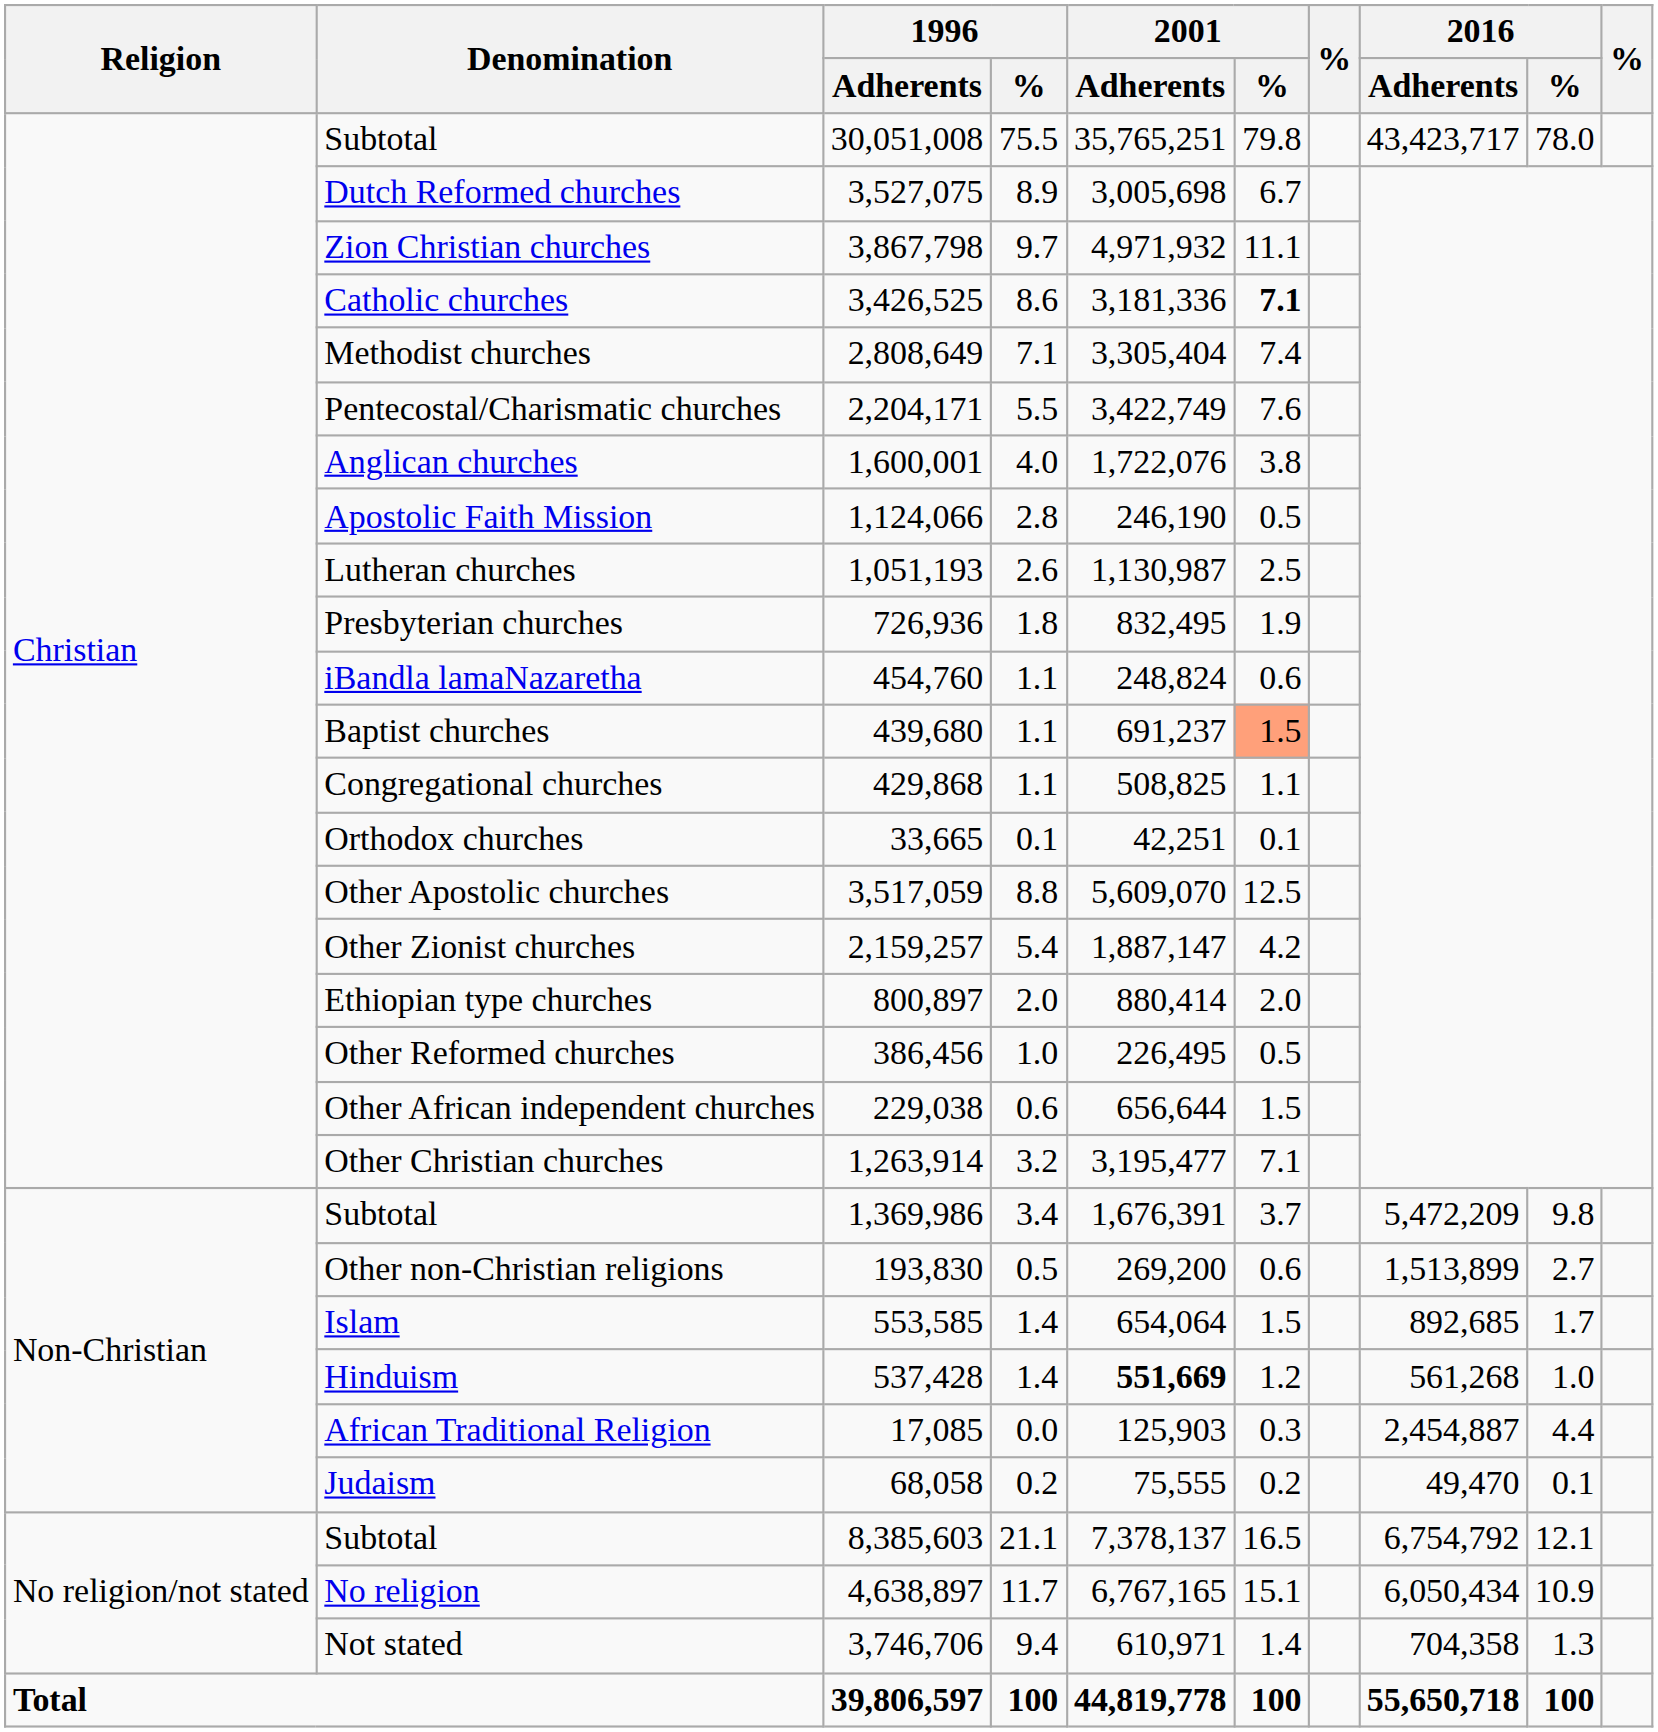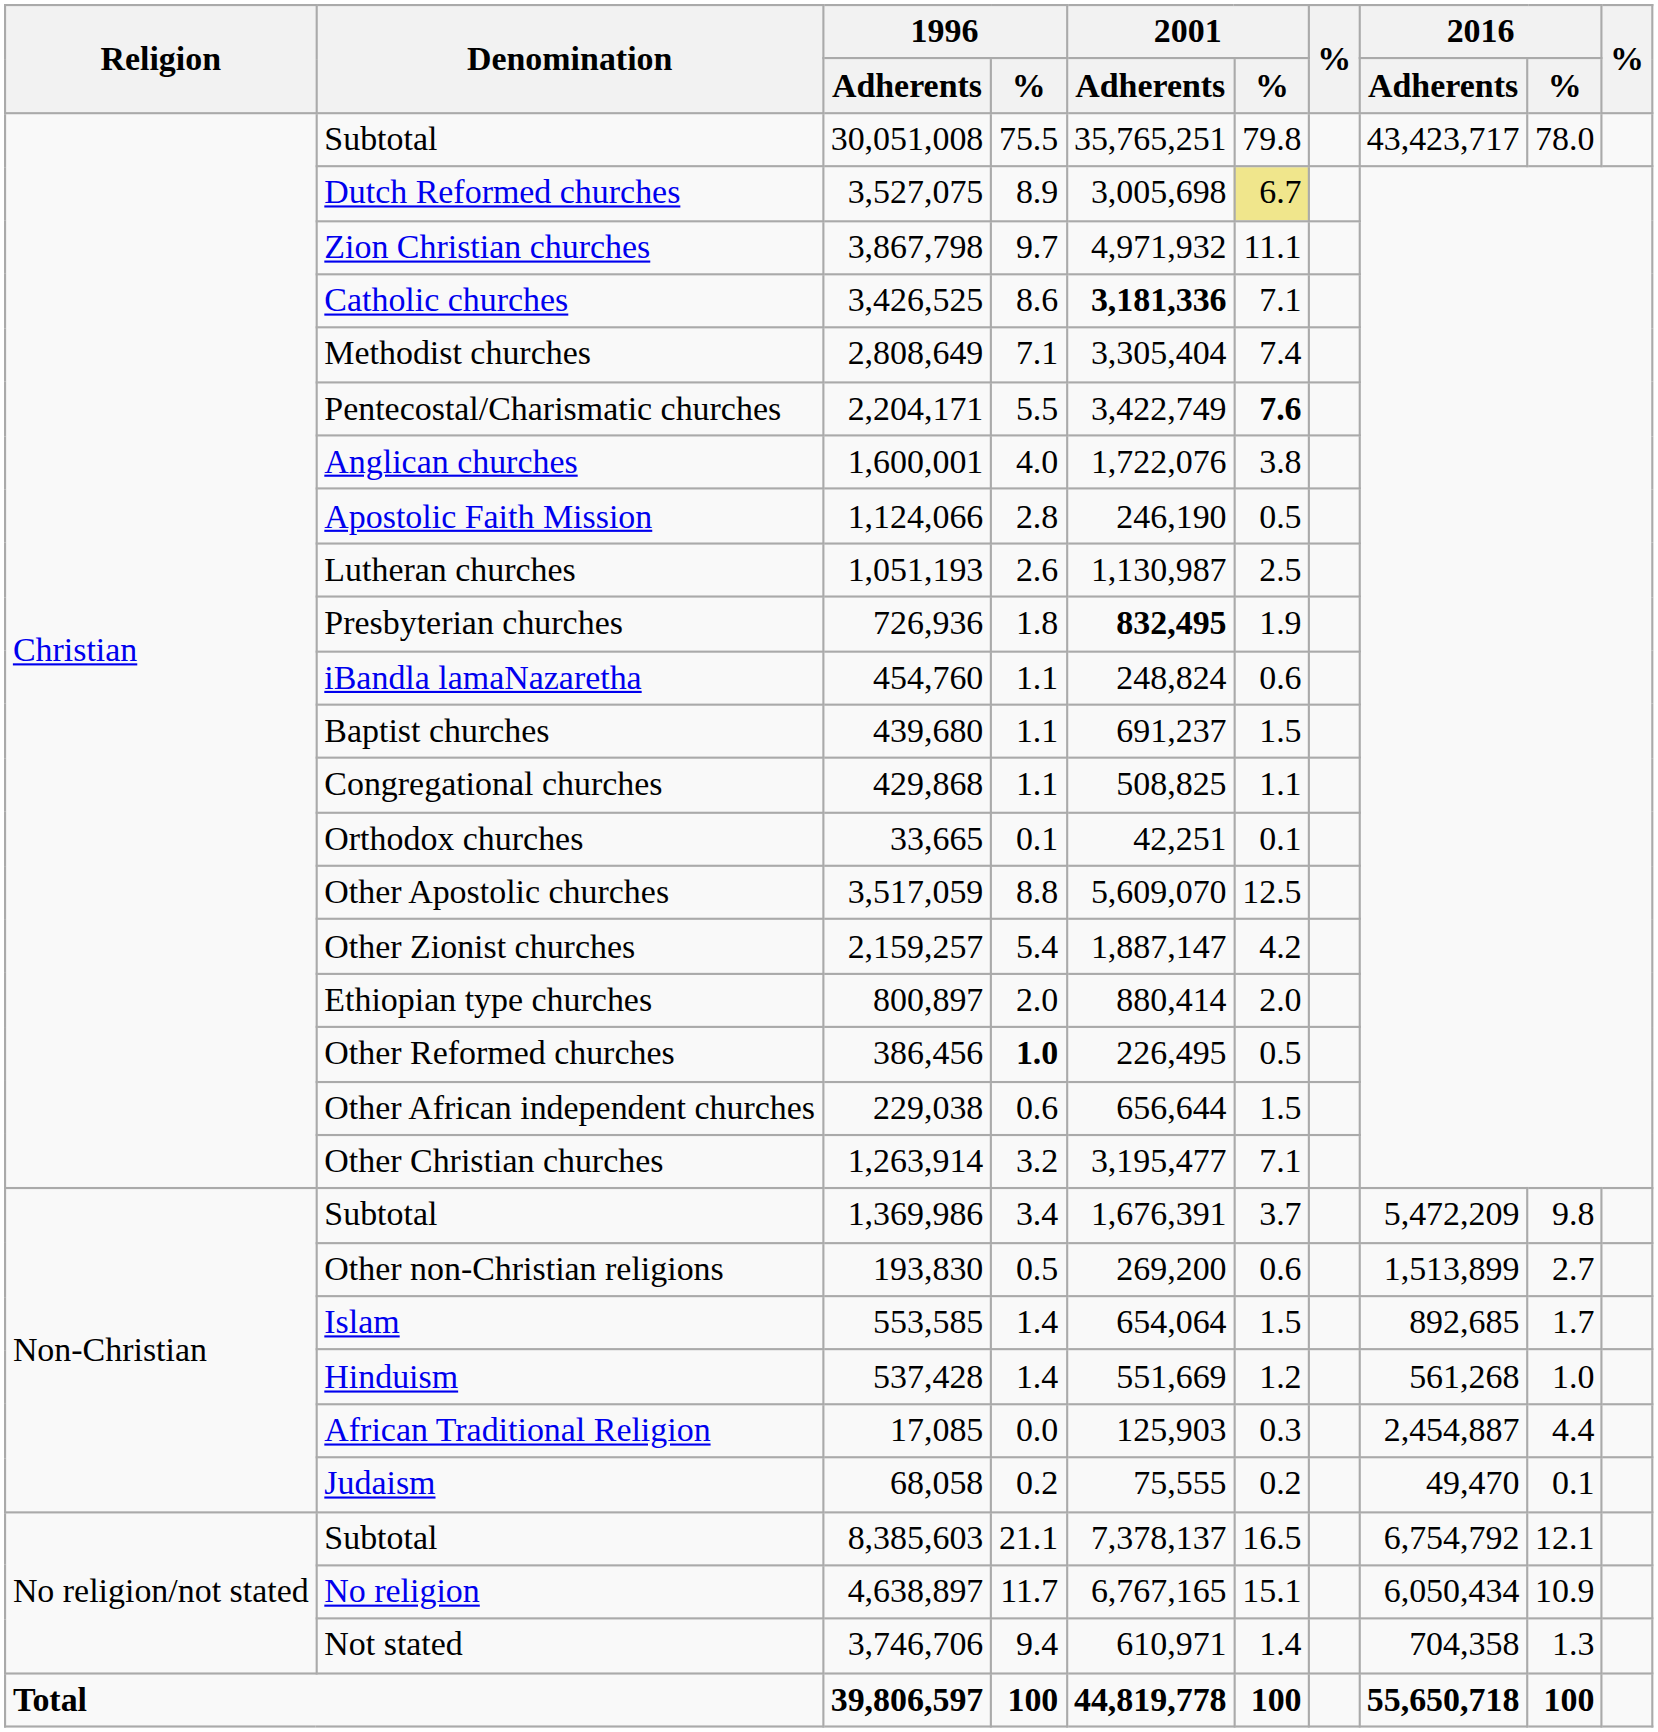 <table class="wikitable sortable">
 <tr>
 <th rowspan="2">Religion</th>
 <th rowspan="2">Denomination</th>
 <th colspan="2">1996</th>
 <th colspan="2">2001</th>
 <th rowspan="2">%</th>
 <th colspan="2">2016</th>
 <th rowspan="2">%</th>
 </tr>
 <tr>
 <th>Adherents</th>
 <th>%</th>
 <th>Adherents</th>
 <th>%</th>
 <th>Adherents</th>
 <th>%</th>
 </tr>
 <tr>
 <td rowspan="20" data-sort-value="Christian0"><a href='#'>Christian</a></td>
 <td>Subtotal</td>
 <td align="right">30,051,008</td>
 <td align="right">75.5</td>
 <td align="right">35,765,251</td>
 <td align="right">79.8</td>
 <td></td>
 <td align="right">43,423,717</td>
 <td align="right">78.0</td>
 <td></td>
 </tr>
 <tr>
 <td><a href='#'>Dutch Reformed churches</a></td>
 <td align="right">3,527,075</td>
 <td align="right">8.9</td>
 <td align="right">3,005,698</td>
-<td align="right">6.7</td>
+<td align="right" style="background: khaki;">6.7</td>
 <td></td>
 </tr>
 <tr>
 <td><a href='#'>Zion Christian churches</a></td>
 <td align="right">3,867,798</td>
 <td align="right">9.7</td>
 <td align="right">4,971,932</td>
 <td align="right">11.1</td>
 <td></td>
 </tr>
 <tr>
 <td><a href='#'>Catholic churches</a></td>
 <td align="right">3,426,525</td>
 <td align="right">8.6</td>
-<td align="right">3,181,336</td>
-<td align="right"><strong>7.1</strong></td>
+<td align="right"><strong>3,181,336</strong></td>
+<td align="right">7.1</td>
 <td></td>
 </tr>
 <tr>
 <td>Methodist churches</td>
 <td align="right">2,808,649</td>
 <td align="right">7.1</td>
 <td align="right">3,305,404</td>
 <td align="right">7.4</td>
 <td></td>
 </tr>
 <tr>
 <td>Pentecostal/Charismatic churches</td>
 <td align="right">2,204,171</td>
 <td align="right">5.5</td>
 <td align="right">3,422,749</td>
-<td align="right">7.6</td>
+<td align="right"><strong>7.6</strong></td>
 <td></td>
 </tr>
 <tr>
 <td><a href='#'>Anglican churches</a></td>
 <td align="right">1,600,001</td>
 <td align="right">4.0</td>
 <td align="right">1,722,076</td>
 <td align="right">3.8</td>
 <td></td>
 </tr>
 <tr>
 <td><a href='#'>Apostolic Faith Mission</a></td>
 <td align="right">1,124,066</td>
 <td align="right">2.8</td>
 <td align="right">246,190</td>
 <td align="right">0.5</td>
 <td></td>
 </tr>
 <tr>
 <td>Lutheran churches</td>
 <td align="right">1,051,193</td>
 <td align="right">2.6</td>
 <td align="right">1,130,987</td>
 <td align="right">2.5</td>
 <td></td>
 </tr>
 <tr>
 <td>Presbyterian churches</td>
 <td align="right">726,936</td>
 <td align="right">1.8</td>
-<td align="right">832,495</td>
+<td align="right"><strong>832,495</strong></td>
 <td align="right">1.9</td>
 <td></td>
 </tr>
 <tr>
 <td><a href='#'>iBandla lamaNazaretha</a></td>
 <td align="right">454,760</td>
 <td align="right">1.1</td>
 <td align="right">248,824</td>
 <td align="right">0.6</td>
 <td></td>
 </tr>
 <tr>
 <td>Baptist churches</td>
 <td align="right">439,680</td>
 <td align="right">1.1</td>
 <td align="right">691,237</td>
-<td align="right" style="background: lightsalmon;">1.5</td>
+<td align="right">1.5</td>
 <td></td>
 </tr>
 <tr>
 <td>Congregational churches</td>
 <td align="right">429,868</td>
 <td align="right">1.1</td>
 <td align="right">508,825</td>
 <td align="right">1.1</td>
 <td></td>
 </tr>
 <tr>
 <td>Orthodox churches</td>
 <td align="right">33,665</td>
 <td align="right">0.1</td>
 <td align="right">42,251</td>
 <td align="right">0.1</td>
 <td></td>
 </tr>
 <tr>
 <td>Other Apostolic churches</td>
 <td align="right">3,517,059</td>
 <td align="right">8.8</td>
 <td align="right">5,609,070</td>
 <td align="right">12.5</td>
 <td></td>
 </tr>
 <tr>
 <td>Other Zionist churches</td>
 <td align="right">2,159,257</td>
 <td align="right">5.4</td>
 <td align="right">1,887,147</td>
 <td align="right">4.2</td>
 <td></td>
 </tr>
 <tr>
 <td>Ethiopian type churches</td>
 <td align="right">800,897</td>
 <td align="right">2.0</td>
 <td align="right">880,414</td>
 <td align="right">2.0</td>
 <td></td>
 </tr>
 <tr>
 <td>Other Reformed churches</td>
 <td align="right">386,456</td>
-<td align="right">1.0</td>
+<td align="right"><strong>1.0</strong></td>
 <td align="right">226,495</td>
 <td align="right">0.5</td>
 <td></td>
 </tr>
 <tr>
 <td>Other African independent churches</td>
 <td align="right">229,038</td>
 <td align="right">0.6</td>
 <td align="right">656,644</td>
 <td align="right">1.5</td>
 <td></td>
 </tr>
 <tr>
 <td>Other Christian churches</td>
 <td align="right">1,263,914</td>
 <td align="right">3.2</td>
 <td align="right">3,195,477</td>
 <td align="right">7.1</td>
 <td></td>
 </tr>
 <tr>
 <td rowspan="6" data-sort-value="Other0">Non-Christian</td>
 <td>Subtotal</td>
 <td align="right">1,369,986</td>
 <td align="right">3.4</td>
 <td align="right">1,676,391</td>
 <td align="right">3.7</td>
 <td></td>
 <td align="right">5,472,209</td>
 <td align="right">9.8</td>
 <td></td>
 </tr>
 <tr>
 <td>Other non-Christian religions</td>
 <td align="right">193,830</td>
 <td align="right">0.5</td>
 <td align="right">269,200</td>
 <td align="right">0.6</td>
 <td></td>
 <td align="right">1,513,899</td>
 <td align="right">2.7</td>
 <td></td>
 </tr>
 <tr>
 <td><a href='#'>Islam</a></td>
 <td align="right">553,585</td>
 <td align="right">1.4</td>
 <td align="right">654,064</td>
 <td align="right">1.5</td>
 <td></td>
 <td align="right">892,685</td>
 <td align="right">1.7</td>
 <td></td>
 </tr>
 <tr>
 <td><a href='#'>Hinduism</a></td>
 <td align="right">537,428</td>
 <td align="right">1.4</td>
-<td align="right"><strong>551,669</strong></td>
+<td align="right">551,669</td>
 <td align="right">1.2</td>
 <td></td>
 <td align="right">561,268</td>
 <td align="right">1.0</td>
 <td></td>
 </tr>
 <tr>
 <td><a href='#'>African Traditional Religion</a></td>
 <td align="right">17,085</td>
 <td align="right">0.0</td>
 <td align="right">125,903</td>
 <td align="right">0.3</td>
 <td></td>
 <td align="right">2,454,887</td>
 <td align="right">4.4</td>
 <td></td>
 </tr>
 <tr>
 <td><a href='#'>Judaism</a></td>
 <td align="right">68,058</td>
 <td align="right">0.2</td>
 <td align="right">75,555</td>
 <td align="right">0.2</td>
 <td></td>
 <td align="right">49,470</td>
 <td align="right">0.1</td>
 <td></td>
 </tr>
 <tr>
 <td rowspan="3" data-sort-value="None0)">No religion/not stated</td>
 <td>Subtotal</td>
 <td align="right">8,385,603</td>
 <td align="right">21.1</td>
 <td align="right">7,378,137</td>
 <td align="right">16.5</td>
 <td></td>
 <td align="right">6,754,792</td>
 <td align="right">12.1</td>
 <td></td>
 </tr>
 <tr>
 <td><a href='#'>No religion</a></td>
 <td align="right">4,638,897</td>
 <td align="right">11.7</td>
 <td align="right">6,767,165</td>
 <td align="right">15.1</td>
 <td></td>
 <td align="right">6,050,434</td>
 <td align="right">10.9</td>
 <td></td>
 </tr>
 <tr>
 <td>Not stated</td>
 <td align="right">3,746,706</td>
 <td align="right">9.4</td>
 <td align="right">610,971</td>
 <td align="right">1.4</td>
 <td></td>
 <td align="right">704,358</td>
 <td align="right">1.3</td>
 <td></td>
 </tr>
 <tr class="sortbottom">
 <td colspan="2"><strong>Total</strong></td>
 <td align="right"><strong>39,806,597</strong></td>
 <td align="right"><strong>100</strong></td>
 <td align="right"><strong>44,819,778</strong></td>
 <td align="right"><strong>100</strong></td>
 <td></td>
 <td align="right"><strong>55,650,718</strong></td>
 <td align="right"><strong>100</strong></td>
 <td></td>
 </tr>
 </table>
